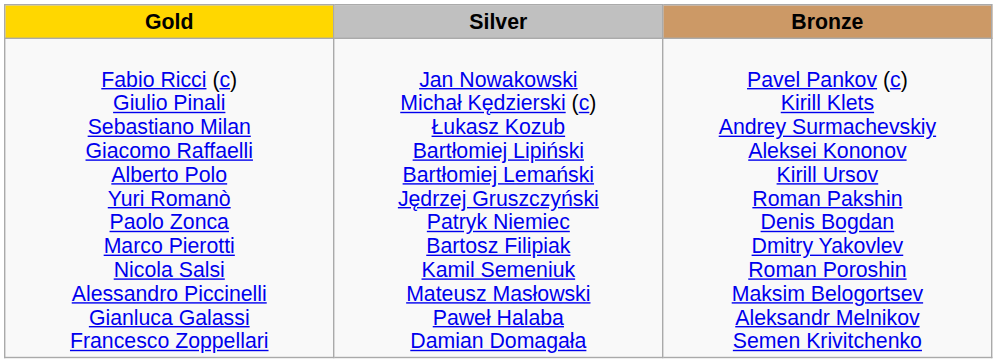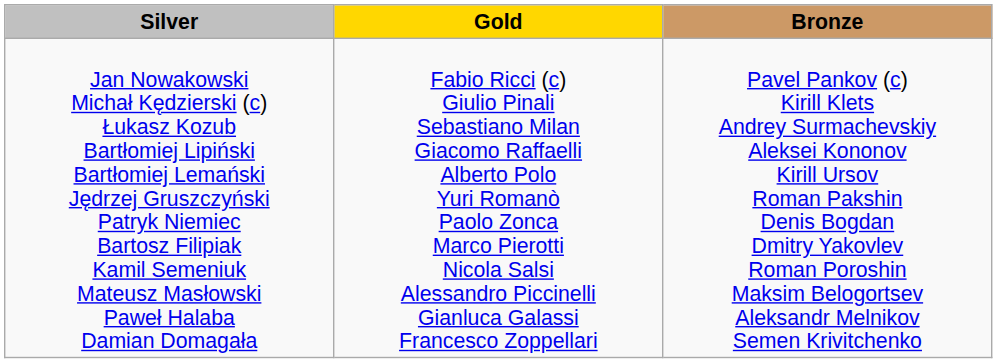 <table class="wikitable" style="text-align:center; font-size:95%;">
 <tr>
+<td style="width:15em; background:silver"><strong>Silver</strong></td>
 <td style="width:15em; background:gold"><strong>Gold</strong></td>
-<td style="width:15em; background:silver"><strong>Silver</strong></td>
 <td style="width:15em; background:#cc9966"><strong>Bronze</strong></td>
 </tr>
 <tr>
+<td><br><a href='#'>Jan Nowakowski</a><br><a href='#'>Michał Kędzierski</a> (<a href='#'>c</a>)<br><a href='#'>Łukasz Kozub</a><br><a href='#'>Bartłomiej Lipiński</a><br><a href='#'>Bartłomiej Lemański</a><br><a href='#'>Jędrzej Gruszczyński</a><br><a href='#'>Patryk Niemiec</a><br><a href='#'>Bartosz Filipiak</a><br><a href='#'>Kamil Semeniuk</a><br><a href='#'>Mateusz Masłowski</a><br><a href='#'>Paweł Halaba</a><br><a href='#'>Damian Domagała</a></td>
 <td><br><a href='#'>Fabio Ricci</a> (<a href='#'>c</a>)<br><a href='#'>Giulio Pinali</a><br><a href='#'>Sebastiano Milan</a><br><a href='#'>Giacomo Raffaelli</a><br><a href='#'>Alberto Polo</a><br><a href='#'>Yuri Romanò</a><br><a href='#'>Paolo Zonca</a><br><a href='#'>Marco Pierotti</a><br><a href='#'>Nicola Salsi</a><br><a href='#'>Alessandro Piccinelli</a><br><a href='#'>Gianluca Galassi</a><br><a href='#'>Francesco Zoppellari</a></td>
-<td><br><a href='#'>Jan Nowakowski</a><br><a href='#'>Michał Kędzierski</a> (<a href='#'>c</a>)<br><a href='#'>Łukasz Kozub</a><br><a href='#'>Bartłomiej Lipiński</a><br><a href='#'>Bartłomiej Lemański</a><br><a href='#'>Jędrzej Gruszczyński</a><br><a href='#'>Patryk Niemiec</a><br><a href='#'>Bartosz Filipiak</a><br><a href='#'>Kamil Semeniuk</a><br><a href='#'>Mateusz Masłowski</a><br><a href='#'>Paweł Halaba</a><br><a href='#'>Damian Domagała</a></td>
 <td><br><a href='#'>Pavel Pankov</a> (<a href='#'>c</a>)<br><a href='#'>Kirill Klets</a><br><a href='#'>Andrey Surmachevskiy</a><br><a href='#'>Aleksei Kononov</a><br><a href='#'>Kirill Ursov</a><br><a href='#'>Roman Pakshin</a><br><a href='#'>Denis Bogdan</a><br><a href='#'>Dmitry Yakovlev</a><br><a href='#'>Roman Poroshin</a><br><a href='#'>Maksim Belogortsev</a><br><a href='#'>Aleksandr Melnikov</a><br><a href='#'>Semen Krivitchenko</a></td>
 </tr>
 </table>
